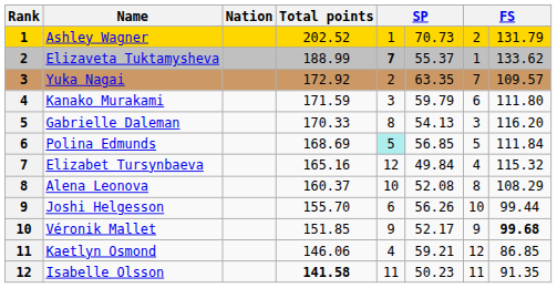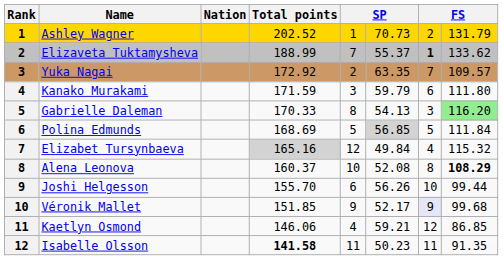 <table class="wikitable sortable">
 <tr>
 <th>Rank</th>
 <th>Name</th>
 <th>Nation</th>
 <th>Total points</th>
 <th colspan="2" width="80px"><a href='#'>SP</a></th>
 <th colspan="2" width="80px"><a href='#'>FS</a></th>
 </tr>
 <tr bgcolor="gold">
 <td align="center"><strong>1</strong></td>
 <td><a href='#'>Ashley Wagner</a></td>
 <td></td>
 <td align="center">202.52</td>
 <td align="center">1</td>
 <td align="center">70.73</td>
 <td align="center">2</td>
 <td align="center">131.79</td>
 </tr>
 <tr bgcolor="silver">
 <td align="center"><strong>2</strong></td>
 <td><a href='#'>Elizaveta Tuktamysheva</a></td>
 <td></td>
 <td align="center">188.99</td>
-<td align="center"><strong>7</strong></td>
+<td align="center">7</td>
 <td align="center">55.37</td>
-<td align="center">1</td>
+<td align="center"><strong>1</strong></td>
 <td align="center">133.62</td>
 </tr>
 <tr bgcolor="cc9966">
 <td align="center"><strong>3</strong></td>
 <td><a href='#'>Yuka Nagai</a></td>
 <td></td>
 <td align="center">172.92</td>
 <td align="center">2</td>
 <td align="center">63.35</td>
 <td align="center">7</td>
 <td align="center">109.57</td>
 </tr>
 <tr>
 <th>4</th>
 <td><a href='#'>Kanako Murakami</a></td>
 <td></td>
 <td align="center">171.59</td>
 <td align="center">3</td>
 <td align="center">59.79</td>
 <td align="center">6</td>
 <td align="center">111.80</td>
 </tr>
 <tr>
 <th>5</th>
 <td><a href='#'>Gabrielle Daleman</a></td>
 <td></td>
 <td align="center">170.33</td>
 <td align="center">8</td>
 <td align="center">54.13</td>
 <td align="center">3</td>
-<td align="center">116.20</td>
+<td align="center" style="background: lightgreen;">116.20</td>
 </tr>
 <tr>
 <th>6</th>
 <td><a href='#'>Polina Edmunds</a></td>
 <td></td>
 <td align="center">168.69</td>
-<td align="center" style="background: paleturquoise;">5</td>
-<td align="center">56.85</td>
+<td align="center">5</td>
+<td align="center" style="background: lightgrey;">56.85</td>
 <td align="center">5</td>
 <td align="center">111.84</td>
 </tr>
 <tr>
 <th>7</th>
 <td><a href='#'>Elizabet Tursynbaeva</a></td>
 <td></td>
-<td align="center">165.16</td>
+<td align="center" style="background: lightgrey;">165.16</td>
 <td align="center">12</td>
 <td align="center">49.84</td>
 <td align="center">4</td>
 <td align="center">115.32</td>
 </tr>
 <tr>
 <th>8</th>
 <td><a href='#'>Alena Leonova</a></td>
 <td></td>
 <td align="center">160.37</td>
 <td align="center">10</td>
 <td align="center">52.08</td>
 <td align="center">8</td>
-<td align="center">108.29</td>
+<td align="center"><strong>108.29</strong></td>
 </tr>
 <tr>
 <th>9</th>
 <td><a href='#'>Joshi Helgesson</a></td>
 <td></td>
 <td align="center">155.70</td>
 <td align="center">6</td>
 <td align="center">56.26</td>
 <td align="center">10</td>
 <td align="center">99.44</td>
 </tr>
 <tr>
 <th>10</th>
 <td><a href='#'>Véronik Mallet</a></td>
 <td></td>
 <td align="center">151.85</td>
 <td align="center">9</td>
 <td align="center">52.17</td>
-<td align="center">9</td>
-<td align="center"><strong>99.68</strong></td>
+<td align="center" style="background: lavender;">9</td>
+<td align="center">99.68</td>
 </tr>
 <tr>
 <th>11</th>
 <td><a href='#'>Kaetlyn Osmond</a></td>
 <td></td>
 <td align="center">146.06</td>
 <td align="center">4</td>
 <td align="center">59.21</td>
 <td align="center">12</td>
 <td align="center">86.85</td>
 </tr>
 <tr>
 <th>12</th>
 <td><a href='#'>Isabelle Olsson</a></td>
 <td></td>
 <td align="center"><strong>141.58</strong></td>
 <td align="center">11</td>
 <td align="center">50.23</td>
 <td align="center">11</td>
 <td align="center">91.35</td>
 </tr>
 </table>
